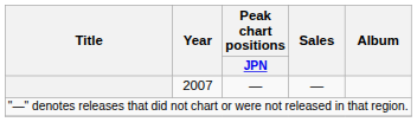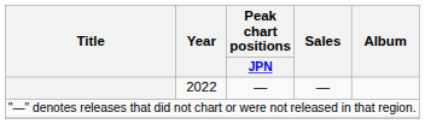 <table class="wikitable plainrowheaders" style="text-align:center;">
 <tr>
 <th scope="col" rowspan="2" style="width:12em;">Title</th>
 <th scope="col" rowspan="2">Year</th>
 <th scope="col" colspan="1">Peak chart positions</th>
 <th scope="col" rowspan="2">Sales</th>
 <th scope="col" rowspan="2">Album</th>
 </tr>
 <tr>
 <th scope="col" style="width:3em;font-size:90%;"><a href='#'>JPN</a><br></th>
 </tr>
 <tr>
 <th scope="row"></th>
-<td>2007</td>
+<td>2022</td>
 <td>—</td>
 <td>—</td>
 <td></td>
 </tr>
 <tr>
 <td colspan="5" style="font-size:90%;">"—" denotes releases that did not chart or were not released in that region.</td>
 </tr>
 <tr>
 </tr>
 </table>
